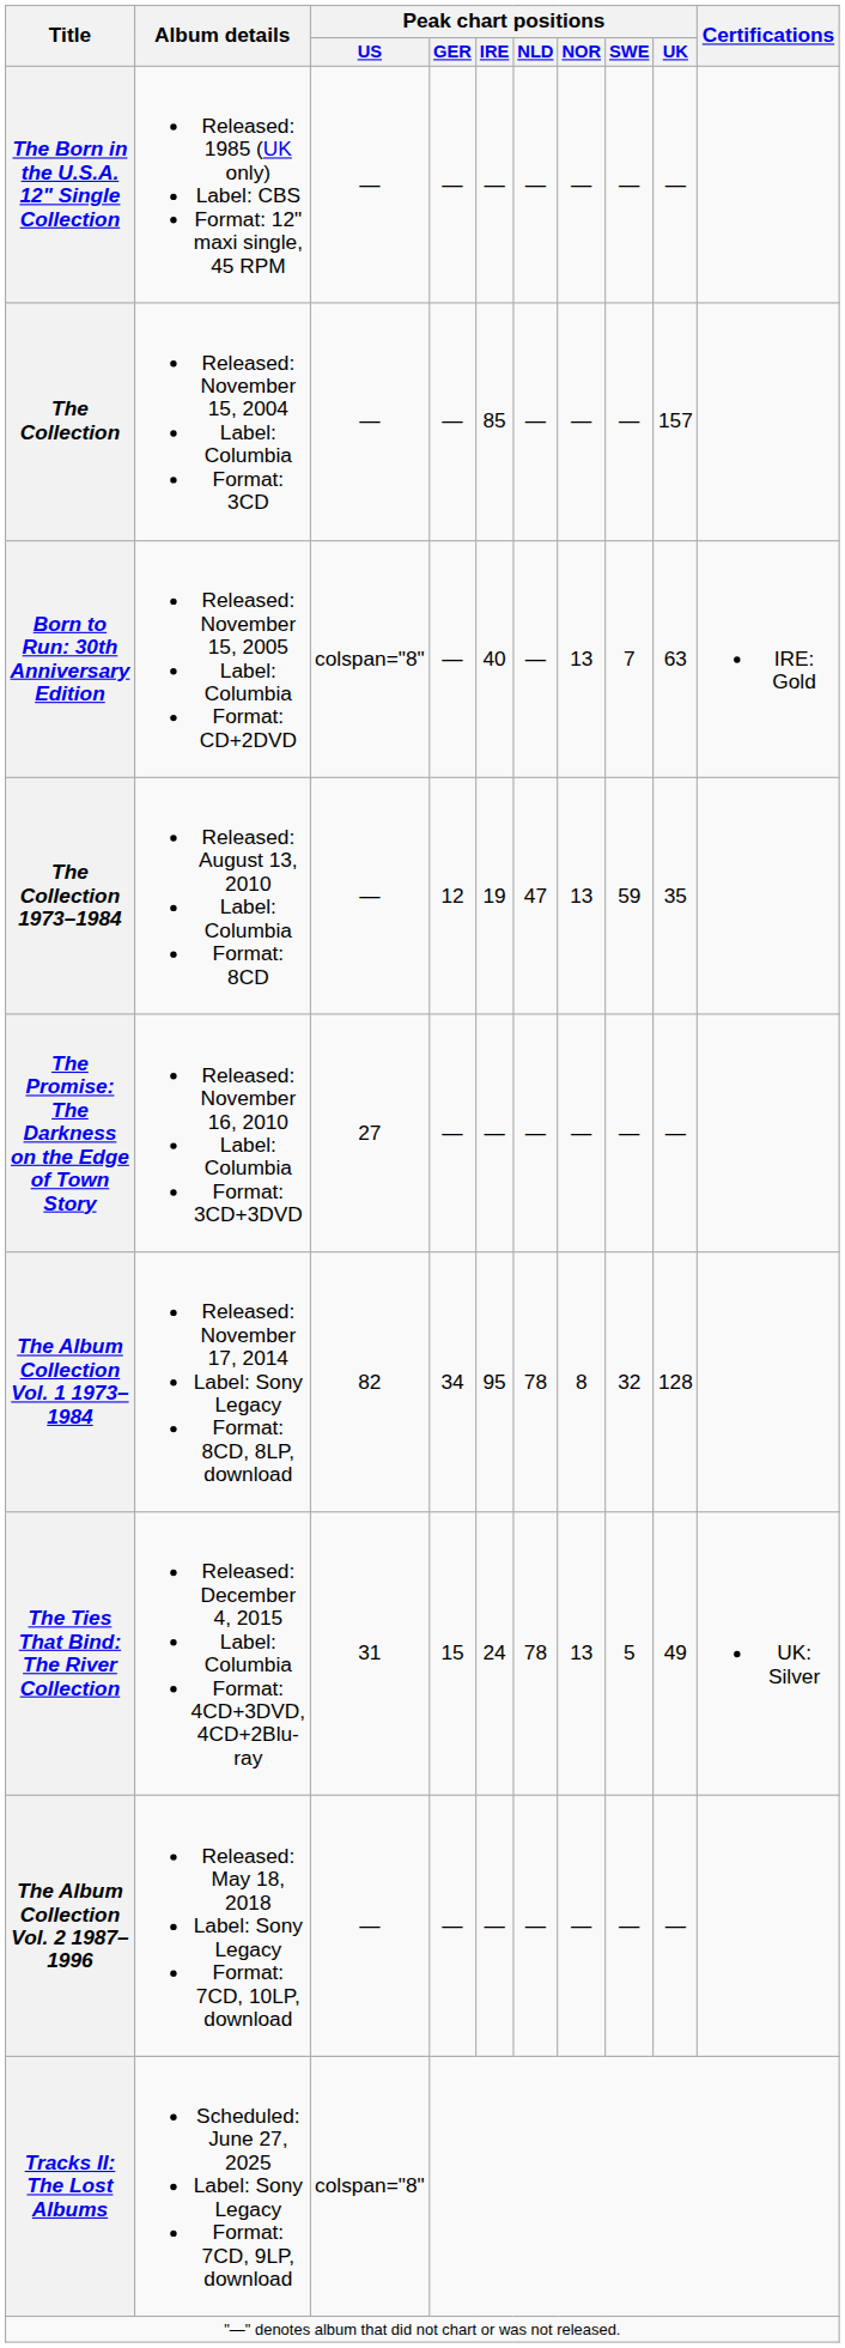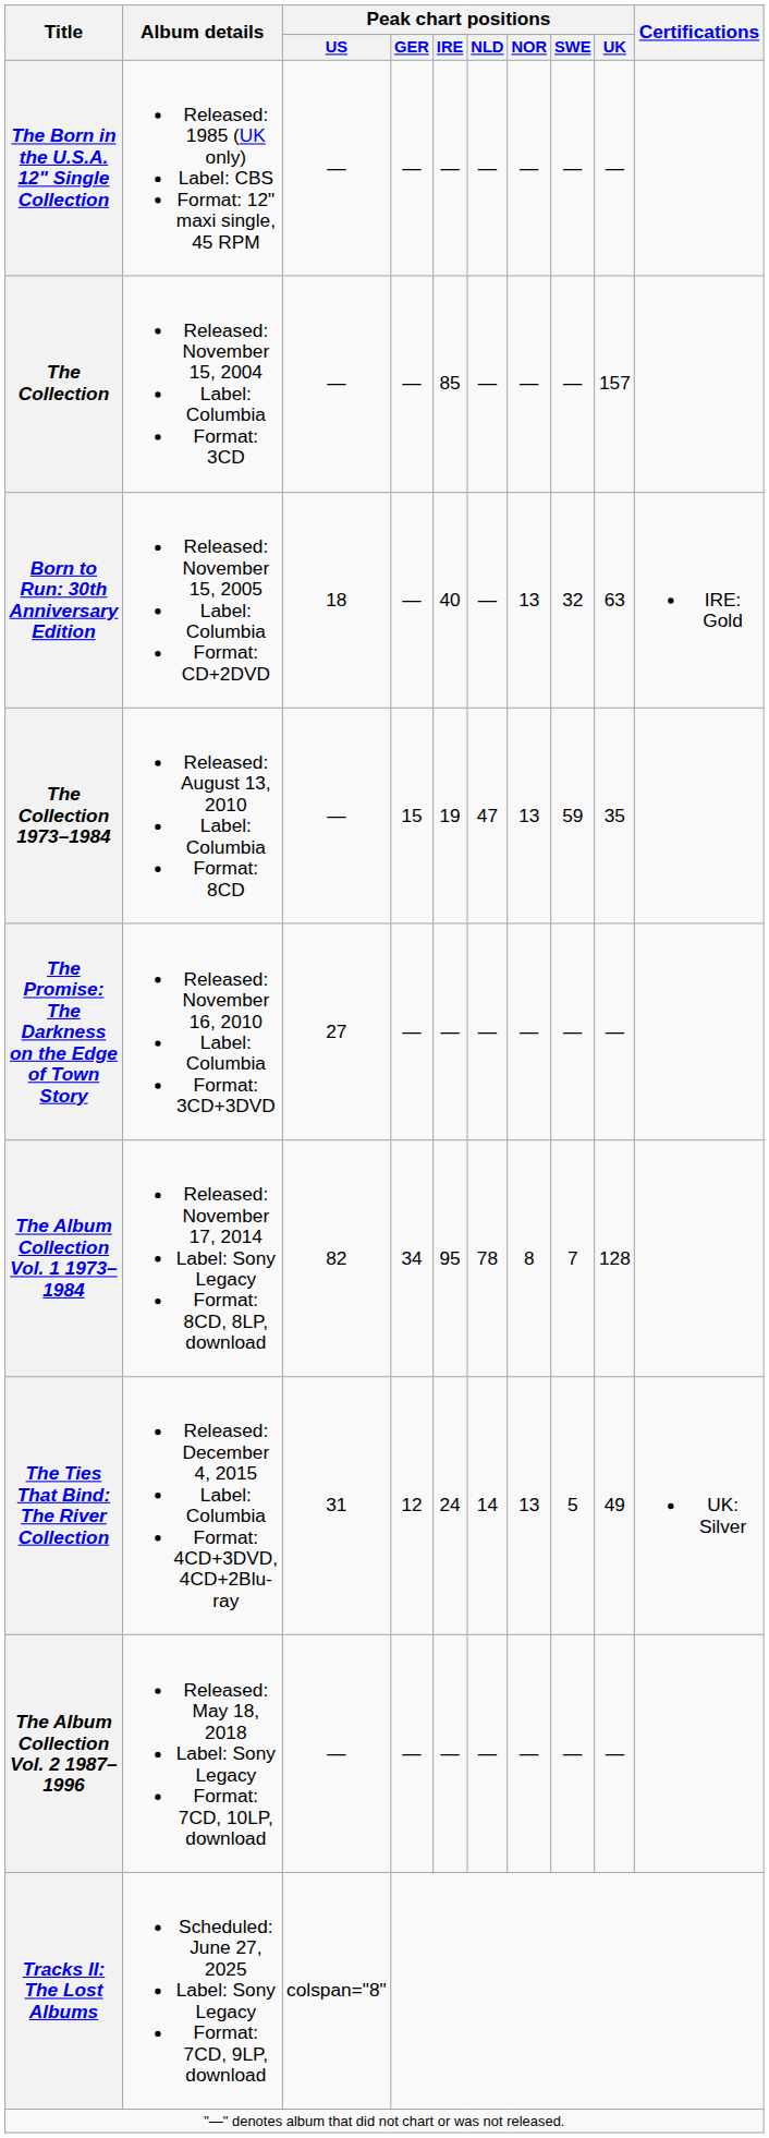 <table class="wikitable plainrowheaders" style="text-align:center;">
 <tr>
 <th scope="col" rowspan="2" style="width:15em;">Title</th>
 <th scope="col" rowspan="2" style="width:16em;">Album details</th>
 <th scope="col" colspan="7">Peak chart positions</th>
 <th scope="col" rowspan="2"><a href='#'>Certifications</a></th>
 </tr>
 <tr>
 <th scope="col" style="width:3em;font-size:85%;"><a href='#'>US</a> <br></th>
 <th scope="col" style="width:3em;font-size:85%;"><a href='#'>GER</a> <br></th>
 <th scope="col" style="width:3em;font-size:85%;"><a href='#'>IRE</a> <br></th>
 <th scope="col" style="width:3em;font-size:85%;"><a href='#'>NLD</a> <br></th>
 <th scope="col" style="width:3em;font-size:85%;"><a href='#'>NOR</a> <br></th>
 <th scope="col" style="width:3em;font-size:85%;"><a href='#'>SWE</a> <br></th>
 <th scope="col" style="width:3em;font-size:85%;"><a href='#'>UK</a> <br></th>
 </tr>
 <tr>
 <th scope="row"><em><a href='#'>The Born in the U.S.A. 12" Single Collection</a></em></th>
 <td><br><ul><li>Released: 1985 (<a href='#'>UK</a> only)</li><li>Label: CBS</li><li>Format: 12" maxi single, 45 RPM</li></ul></td>
 <td>—</td>
 <td>—</td>
 <td>—</td>
 <td>—</td>
 <td>—</td>
 <td>—</td>
 <td>—</td>
 <td></td>
 </tr>
 <tr>
 <th scope="row"><em>The Collection</em></th>
 <td><br><ul><li>Released: November 15, 2004</li><li>Label: Columbia</li><li>Format: 3CD</li></ul></td>
 <td>—</td>
 <td>—</td>
 <td>85</td>
 <td>—</td>
 <td>—</td>
 <td>—</td>
 <td>157</td>
 <td></td>
 </tr>
 <tr>
 <th scope="row"><em><a href='#'>Born to Run: 30th Anniversary Edition</a></em></th>
 <td><br><ul><li>Released: November 15, 2005</li><li>Label: Columbia</li><li>Format: CD+2DVD</li></ul></td>
-<td>colspan="8" </td>
+<td>18</td>
 <td>—</td>
 <td>40</td>
 <td>—</td>
 <td>13</td>
-<td>7</td>
+<td>32</td>
 <td>63</td>
 <td><br><ul><li>IRE: Gold</li></ul></td>
 </tr>
 <tr>
 <th scope="row"><em>The Collection 1973–1984</em></th>
 <td><br><ul><li>Released: August 13, 2010</li><li>Label: Columbia</li><li>Format: 8CD</li></ul></td>
 <td>—</td>
-<td>12</td>
+<td>15</td>
 <td>19</td>
 <td>47</td>
 <td>13</td>
 <td>59</td>
 <td>35</td>
 <td></td>
 </tr>
 <tr>
 <th scope="row"><em><a href='#'>The Promise: The Darkness on the Edge of Town Story</a></em></th>
 <td><br><ul><li>Released: November 16, 2010</li><li>Label: Columbia</li><li>Format: 3CD+3DVD</li></ul></td>
 <td>27</td>
 <td>—</td>
 <td>—</td>
 <td>—</td>
 <td>—</td>
 <td>—</td>
 <td>—</td>
 <td></td>
 </tr>
 <tr>
 <th scope="row"><em><a href='#'>The Album Collection Vol. 1 1973–1984</a></em></th>
 <td><br><ul><li>Released: November 17, 2014</li><li>Label: Sony Legacy</li><li>Format: 8CD, 8LP, download</li></ul></td>
 <td>82</td>
 <td>34</td>
 <td>95</td>
 <td>78</td>
 <td>8</td>
-<td>32</td>
+<td>7</td>
 <td>128</td>
 <td></td>
 </tr>
 <tr>
 <th scope="row"><em><a href='#'>The Ties That Bind: The River Collection</a></em></th>
 <td><br><ul><li>Released: December 4, 2015</li><li>Label: Columbia</li><li>Format: 4CD+3DVD, 4CD+2Blu-ray</li></ul></td>
 <td>31</td>
-<td>15</td>
+<td>12</td>
 <td>24</td>
-<td>78</td>
+<td>14</td>
 <td>13</td>
 <td>5</td>
 <td>49</td>
 <td><br><ul><li>UK: Silver</li></ul></td>
 </tr>
 <tr>
 <th scope="row"><em>The Album Collection Vol. 2 1987–1996</em></th>
 <td><br><ul><li>Released: May 18, 2018</li><li>Label: Sony Legacy</li><li>Format: 7CD, 10LP, download</li></ul></td>
 <td>—</td>
 <td>—</td>
 <td>—</td>
 <td>—</td>
 <td>—</td>
 <td>—</td>
 <td>—</td>
 <td></td>
 </tr>
 <tr>
 <th scope="row"><em><a href='#'>Tracks II: The Lost Albums</a></em></th>
 <td><br><ul><li>Scheduled: June 27, 2025</li><li>Label: Sony Legacy</li><li>Format: 7CD, 9LP, download</li></ul></td>
 <td>colspan="8" </td>
 </tr>
 <tr>
 <td colspan="14" style="font-size:9pt">"—" denotes album that did not chart or was not released.</td>
 </tr>
 </table>
